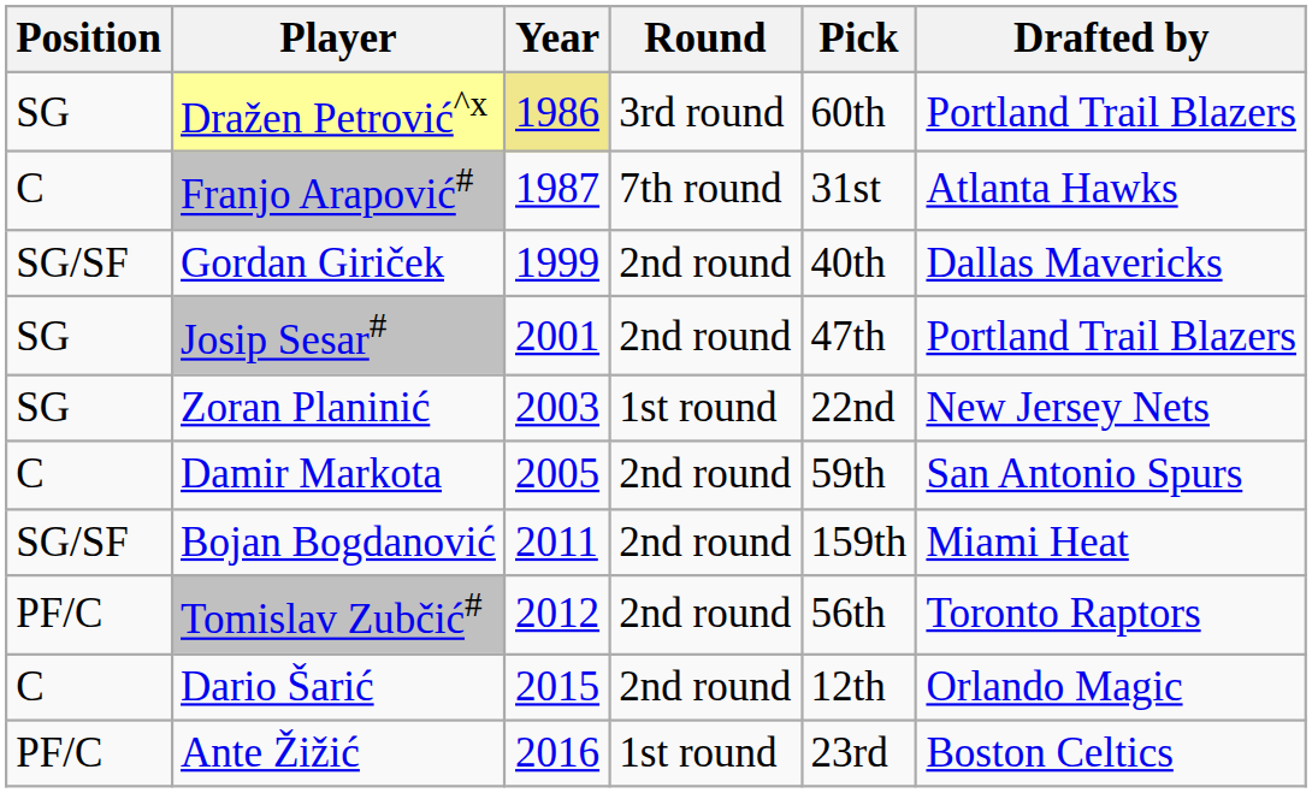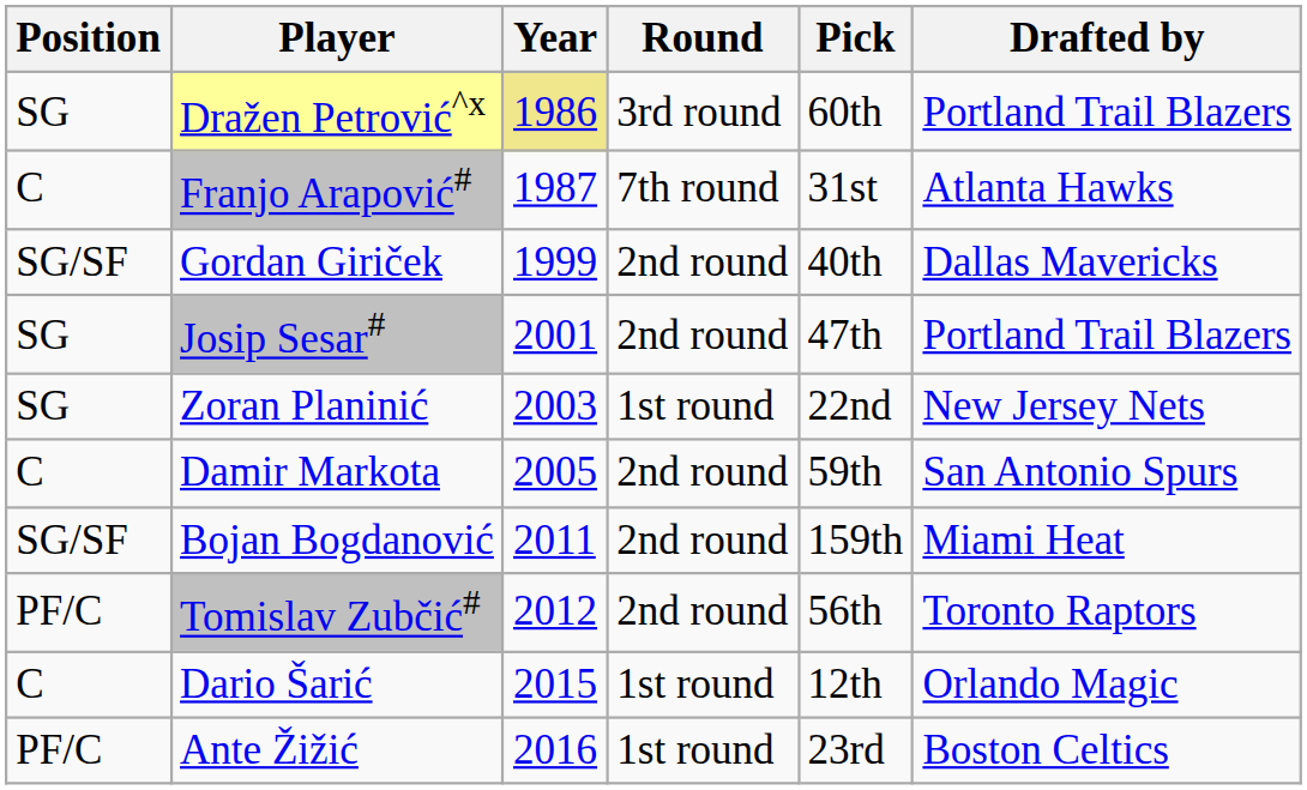 <table class="wikitable sortable" style="text-align: left;">
 <tr>
 <th>Position</th>
 <th>Player</th>
 <th>Year</th>
 <th>Round</th>
 <th>Pick</th>
 <th>Drafted by</th>
 </tr>
 <tr>
 <td>SG</td>
 <td bgcolor="#FFFF99"> <a href='#'>Dražen Petrović</a><sup>^x</sup></td>
 <td style="background: khaki;"><a href='#'>1986</a></td>
 <td>3rd round</td>
 <td>60th</td>
 <td><a href='#'>Portland Trail Blazers</a></td>
 </tr>
 <tr>
 <td>C</td>
 <td style="background:silver;"> <a href='#'>Franjo Arapović</a><sup>#</sup></td>
 <td><a href='#'>1987</a></td>
 <td>7th round</td>
 <td>31st</td>
 <td><a href='#'>Atlanta Hawks</a></td>
 </tr>
 <tr>
 <td>SG/SF</td>
 <td> <a href='#'>Gordan Giriček</a></td>
 <td><a href='#'>1999</a></td>
 <td>2nd round</td>
 <td>40th</td>
 <td><a href='#'>Dallas Mavericks</a></td>
 </tr>
 <tr>
 <td>SG</td>
 <td style="background:silver;"> <a href='#'>Josip Sesar</a><sup>#</sup></td>
 <td><a href='#'>2001</a></td>
 <td>2nd round</td>
 <td>47th</td>
 <td><a href='#'>Portland Trail Blazers</a></td>
 </tr>
 <tr>
 <td>SG</td>
 <td> <a href='#'>Zoran Planinić</a></td>
 <td><a href='#'>2003</a></td>
 <td>1st round</td>
 <td>22nd</td>
 <td><a href='#'>New Jersey Nets</a></td>
 </tr>
 <tr>
 <td>C</td>
 <td> <a href='#'>Damir Markota</a></td>
 <td><a href='#'>2005</a></td>
 <td>2nd round</td>
 <td>59th</td>
 <td><a href='#'>San Antonio Spurs</a></td>
 </tr>
 <tr>
 <td>SG/SF</td>
 <td> <a href='#'>Bojan Bogdanović</a></td>
 <td><a href='#'>2011</a></td>
 <td>2nd round</td>
 <td>159th</td>
 <td><a href='#'>Miami Heat</a></td>
 </tr>
 <tr>
 <td>PF/C</td>
 <td style="background:silver;"> <a href='#'>Tomislav Zubčić</a><sup>#</sup></td>
 <td><a href='#'>2012</a></td>
 <td>2nd round</td>
 <td>56th</td>
 <td><a href='#'>Toronto Raptors</a></td>
 </tr>
 <tr>
 <td>C</td>
 <td> <a href='#'>Dario Šarić</a></td>
 <td><a href='#'>2015</a></td>
-<td>2nd round</td>
+<td>1st round</td>
 <td>12th</td>
 <td><a href='#'>Orlando Magic</a></td>
 </tr>
 <tr>
 <td>PF/C</td>
 <td> <a href='#'>Ante Žižić</a></td>
 <td><a href='#'>2016</a></td>
 <td>1st round</td>
 <td>23rd</td>
 <td><a href='#'>Boston Celtics</a></td>
 </tr>
 </table>
